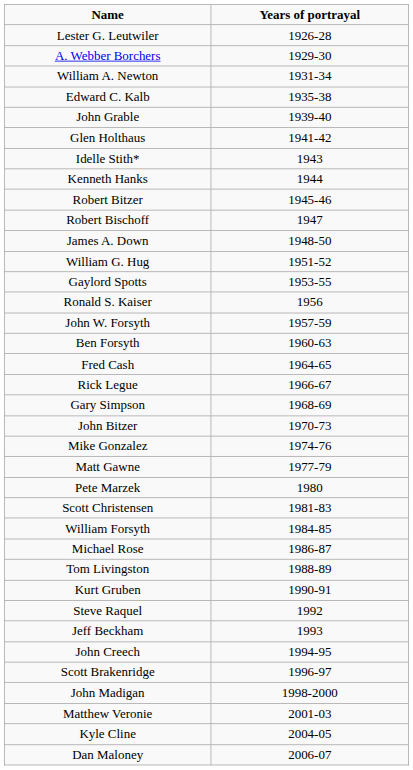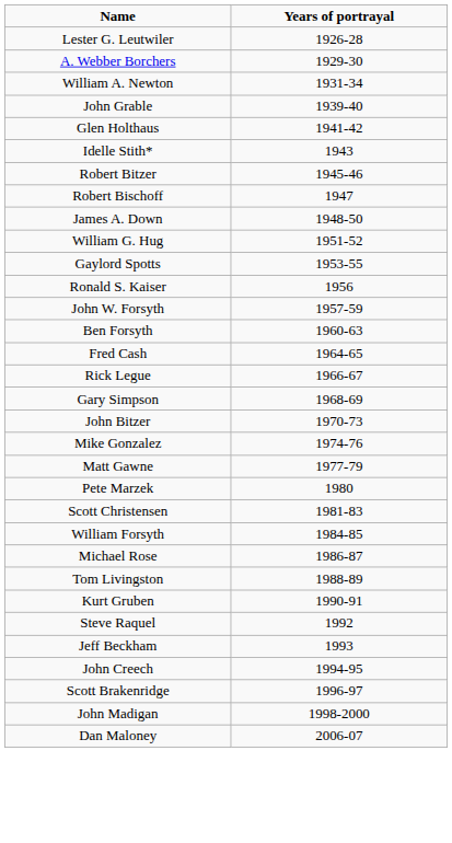 <table class="wikitable" width="500">
 <tr align="center">
 <td><strong>Name</strong></td>
 <td><strong>Years of portrayal</strong></td>
 </tr>
 <tr align="center" bgcolor="">
 <td>Lester G. Leutwiler</td>
 <td>1926-28</td>
 </tr>
 <tr align="center" bgcolor="">
 <td><a href='#'>A. Webber Borchers</a></td>
 <td>1929-30</td>
 </tr>
 <tr align="center" bgcolor="">
 <td>William A. Newton</td>
 <td>1931-34</td>
 </tr>
 <tr align="center" bgcolor="">
-<td>Edward C. Kalb</td>
-<td>1935-38</td>
-</tr>
-<tr align="center" bgcolor="">
 <td>John Grable</td>
 <td>1939-40</td>
 </tr>
 <tr align="center" bgcolor="">
 <td>Glen Holthaus</td>
 <td>1941-42</td>
 </tr>
 <tr align="center" bgcolor="">
 <td>Idelle Stith*</td>
 <td>1943</td>
-</tr>
-<tr align="center" bgcolor="">
-<td>Kenneth Hanks</td>
-<td>1944</td>
 </tr>
 <tr align="center" bgcolor="">
 <td>Robert Bitzer</td>
 <td>1945-46</td>
 </tr>
 <tr align="center" bgcolor="">
 <td>Robert Bischoff</td>
 <td>1947</td>
 </tr>
 <tr align="center" bgcolor="">
 <td>James A. Down</td>
 <td>1948-50</td>
 </tr>
 <tr align="center" bgcolor="">
 <td>William G. Hug</td>
 <td>1951-52</td>
 </tr>
 <tr align="center" bgcolor="">
 <td>Gaylord Spotts</td>
 <td>1953-55</td>
 </tr>
 <tr align="center" bgcolor="">
 <td>Ronald S. Kaiser</td>
 <td>1956</td>
 </tr>
 <tr align="center" bgcolor="">
 <td>John W. Forsyth</td>
 <td>1957-59</td>
 </tr>
 <tr align="center" bgcolor="">
 <td>Ben Forsyth</td>
 <td>1960-63</td>
 </tr>
 <tr align="center" bgcolor="">
 <td>Fred Cash</td>
 <td>1964-65</td>
 </tr>
 <tr align="center" bgcolor="">
 <td>Rick Legue</td>
 <td>1966-67</td>
 </tr>
 <tr align="center" bgcolor="">
 <td>Gary Simpson</td>
 <td>1968-69</td>
 </tr>
 <tr align="center" bgcolor="">
 <td>John Bitzer</td>
 <td>1970-73</td>
 </tr>
 <tr align="center" bgcolor="">
 <td>Mike Gonzalez</td>
 <td>1974-76</td>
 </tr>
 <tr align="center" bgcolor="">
 <td>Matt Gawne</td>
 <td>1977-79</td>
 </tr>
 <tr align="center" bgcolor="">
 <td>Pete Marzek</td>
 <td>1980</td>
 </tr>
 <tr align="center" bgcolor="">
 <td>Scott Christensen</td>
 <td>1981-83</td>
 </tr>
 <tr align="center" bgcolor="">
 <td>William Forsyth</td>
 <td>1984-85</td>
 </tr>
 <tr align="center" bgcolor="">
 <td>Michael Rose</td>
 <td>1986-87</td>
 </tr>
 <tr align="center" bgcolor="">
 <td>Tom Livingston</td>
 <td>1988-89</td>
 </tr>
 <tr align="center" bgcolor="">
 <td>Kurt Gruben</td>
 <td>1990-91</td>
 </tr>
 <tr align="center" bgcolor="">
 <td>Steve Raquel</td>
 <td>1992</td>
 </tr>
 <tr align="center" bgcolor="">
 <td>Jeff Beckham</td>
 <td>1993</td>
 </tr>
 <tr align="center" bgcolor="">
 <td>John Creech</td>
 <td>1994-95</td>
 </tr>
 <tr align="center" bgcolor="">
 <td>Scott Brakenridge</td>
 <td>1996-97</td>
 </tr>
 <tr align="center" bgcolor="">
 <td>John Madigan</td>
 <td>1998-2000</td>
 </tr>
 <tr align="center" bgcolor="">
-<td>Matthew Veronie</td>
-<td>2001-03</td>
-</tr>
-<tr align="center" bgcolor="">
-<td>Kyle Cline</td>
-<td>2004-05</td>
-</tr>
-<tr align="center" bgcolor="">
 <td>Dan Maloney</td>
 <td>2006-07</td>
 </tr>
 </table>
